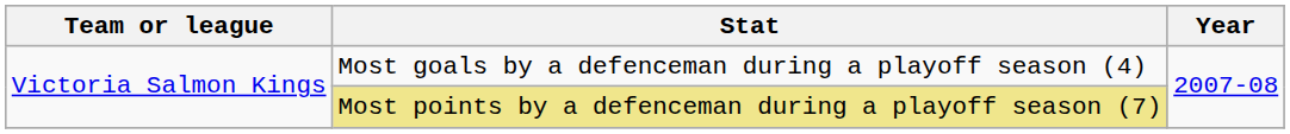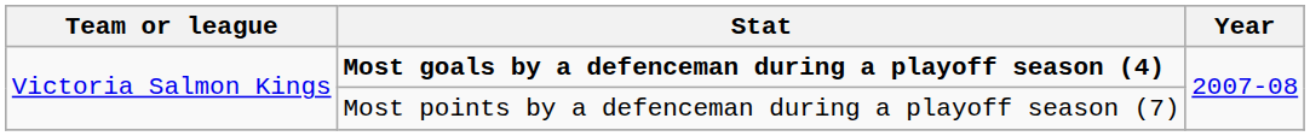 <table class="wikitable">
 <tr>
 <th>Team or league</th>
 <th>Stat</th>
 <th>Year</th>
 </tr>
 <tr>
 <td rowspan=2><a href='#'>Victoria Salmon Kings</a></td>
-<td>Most goals by a defenceman during a playoff season (4)</td>
+<td><strong>Most goals by a defenceman during a playoff season (4)</strong></td>
 <td rowspan=2><a href='#'>2007-08</a></td>
 </tr>
 <tr>
-<td style="background: khaki;">Most points by a defenceman during a playoff season (7)</td>
+<td>Most points by a defenceman during a playoff season (7)</td>
 </tr>
 </table>
